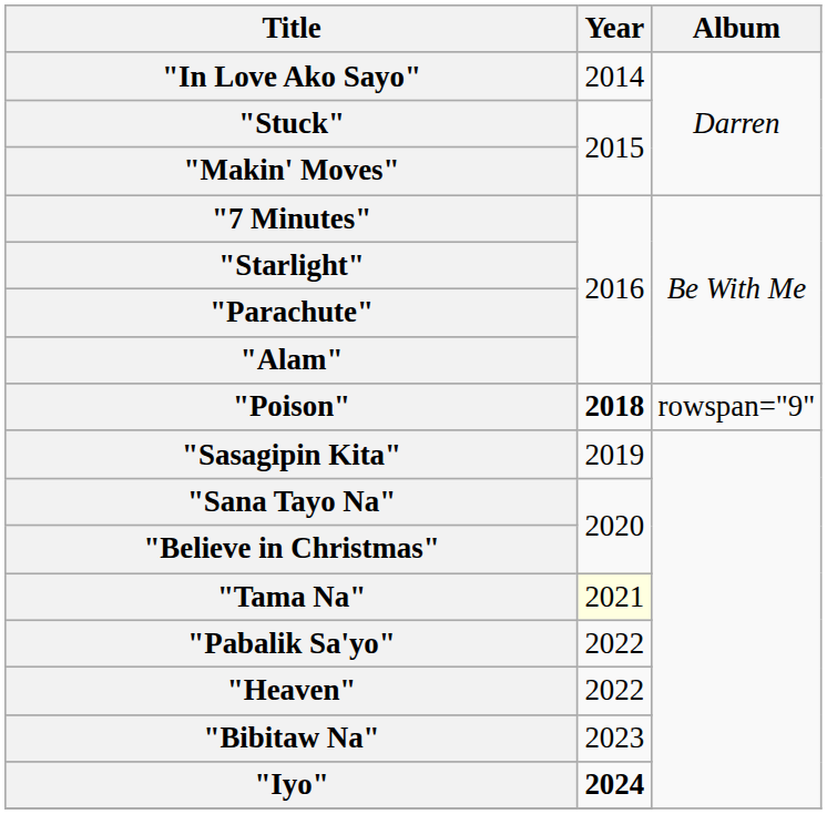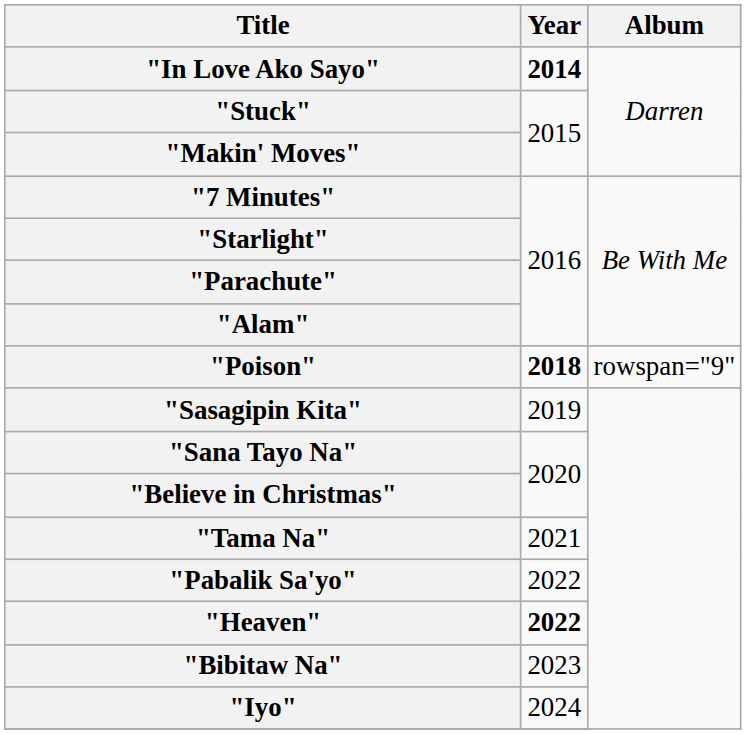 <table class="wikitable plainrowheaders" style="text-align:center;">
 <tr>
 <th scope="col" rowspan="1" style="width:300px;">Title</th>
 <th scope="col" rowspan="1">Year</th>
 <th scope="col" rowspan="1">Album</th>
 </tr>
 <tr>
 <th scope="row">"In Love Ako Sayo"</th>
-<td align="center">2014</td>
+<td align="center"><strong>2014</strong></td>
 <td rowspan="3"><em>Darren</em></td>
 </tr>
 <tr>
 <th scope="row">"Stuck"</th>
 <td align="center" rowspan="2">2015</td>
 </tr>
 <tr>
 <th scope="row">"Makin' Moves"</th>
 </tr>
 <tr>
 <th scope="row">"7 Minutes"</th>
 <td align="center" rowspan="4">2016</td>
 <td rowspan="4"><em>Be With Me</em></td>
 </tr>
 <tr>
 <th scope="row">"Starlight"</th>
 </tr>
 <tr>
 <th scope="row">"Parachute"</th>
 </tr>
 <tr>
 <th scope="row">"Alam"</th>
 </tr>
 <tr>
 <th scope="row">"Poison"</th>
 <td align="center"><strong>2018</strong></td>
 <td>rowspan="9" </td>
 </tr>
 <tr>
 <th scope="row">"Sasagipin Kita"</th>
 <td align="center">2019</td>
 </tr>
 <tr>
 <th scope="row">"Sana Tayo Na" <br></th>
 <td align="center "rowspan="2">2020</td>
 </tr>
 <tr>
 <th scope="row">"Believe in Christmas"</th>
 </tr>
 <tr>
 <th scope="row">"Tama Na"</th>
-<td align="center" style="background: lightyellow;">2021</td>
+<td align="center">2021</td>
 </tr>
 <tr>
 <th scope="row">"Pabalik Sa'yo"</th>
 <td align="center">2022</td>
 </tr>
 <tr>
 <th scope="row">"Heaven" <br></th>
-<td align="center">2022</td>
+<td align="center"><strong>2022</strong></td>
 </tr>
 <tr>
 <th scope="row">"Bibitaw Na"</th>
 <td align="center">2023</td>
 </tr>
 <tr>
 <th scope="row">"Iyo"</th>
-<td align="center"><strong>2024</strong></td>
+<td align="center">2024</td>
 </tr>
 <tr>
 </tr>
 </table>
